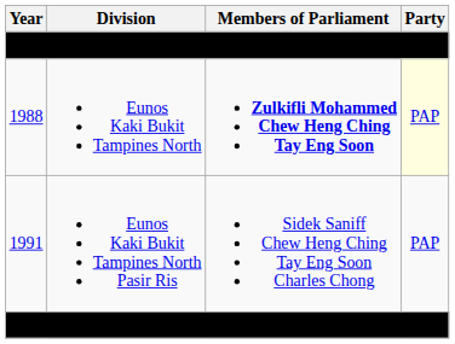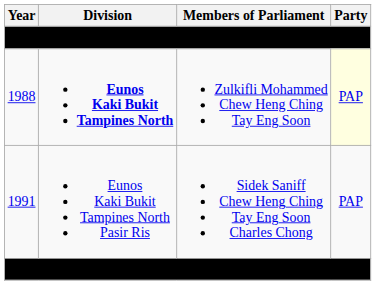 <table class="wikitable" align="center" style="text-align:center">
 <tr>
 <th>Year</th>
 <th>Division</th>
 <th>Members of Parliament</th>
 <th colspan="2">Party</th>
 </tr>
 <tr>
 <td colspan="5" bgcolor="black"><span><strong>Formation</strong></span></td>
 </tr>
 <tr>
 <td><a href='#'>1988</a></td>
-<td><br><ul><li><a href='#'>Eunos</a></li><li><a href='#'>Kaki Bukit</a></li><li><a href='#'>Tampines North</a></li></ul></td>
-<td><strong><br><ul><li><a href='#'>Zulkifli Mohammed</a></li><li><a href='#'>Chew Heng Ching</a></li><li><a href='#'>Tay Eng Soon</a></li></ul></strong></td>
+<td><strong><br><ul><li><a href='#'>Eunos</a></li><li><a href='#'>Kaki Bukit</a></li><li><a href='#'>Tampines North</a></li></ul></strong></td>
+<td><br><ul><li><a href='#'>Zulkifli Mohammed</a></li><li><a href='#'>Chew Heng Ching</a></li><li><a href='#'>Tay Eng Soon</a></li></ul></td>
 <td style="background: lightyellow;"><a href='#'>PAP</a></td>
 </tr>
 <tr>
 <td><a href='#'>1991</a></td>
 <td><br><ul><li><a href='#'>Eunos</a></li><li><a href='#'>Kaki Bukit</a></li><li><a href='#'>Tampines North</a></li><li><a href='#'>Pasir Ris</a></li></ul></td>
 <td><br><ul><li><a href='#'>Sidek Saniff</a></li><li><a href='#'>Chew Heng Ching</a></li><li><a href='#'>Tay Eng Soon</a></li><li><a href='#'>Charles Chong</a></li></ul></td>
 <td><a href='#'>PAP</a></td>
 </tr>
 <tr>
 <td colspan="5" bgcolor="black"><span><strong>Constituency abolished (1997)</strong></span></td>
 </tr>
 </table>
